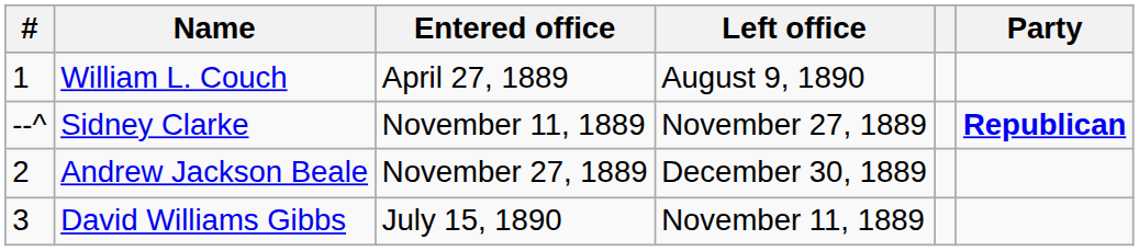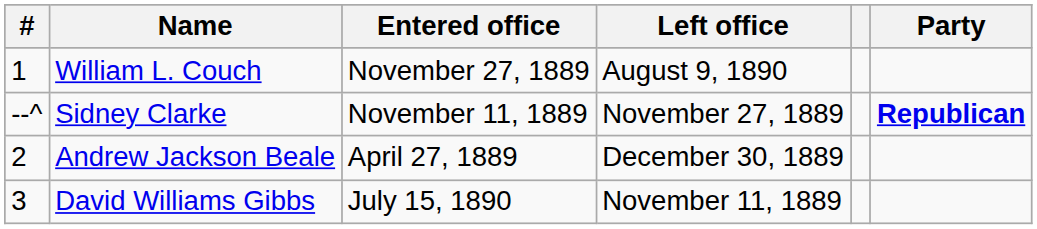 <table class="wikitable">
 <tr>
 <th>#</th>
 <th>Name</th>
 <th>Entered office</th>
 <th>Left office</th>
 <th></th>
 <th>Party</th>
 </tr>
 <tr>
 <td>1</td>
 <td><a href='#'>William L. Couch</a></td>
-<td>April 27, 1889</td>
+<td>November 27, 1889</td>
 <td>August 9, 1890</td>
 <td></td>
 <td></td>
 </tr>
 <tr>
 <td>--^</td>
 <td><a href='#'>Sidney Clarke</a></td>
 <td>November 11, 1889</td>
 <td>November 27, 1889</td>
 <td style="background:"> </td>
 <td><strong><a href='#'>Republican</a></strong></td>
 </tr>
 <tr>
 <td>2</td>
 <td><a href='#'>Andrew Jackson Beale</a></td>
-<td>November 27, 1889</td>
+<td>April 27, 1889</td>
 <td>December 30, 1889</td>
 <td></td>
 <td></td>
 </tr>
 <tr>
 <td>3</td>
 <td><a href='#'>David Williams Gibbs</a></td>
 <td>July 15, 1890</td>
 <td>November 11, 1889</td>
 <td></td>
 <td></td>
 </tr>
 </table>
